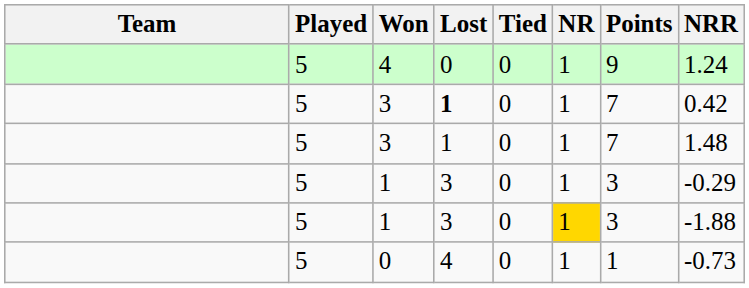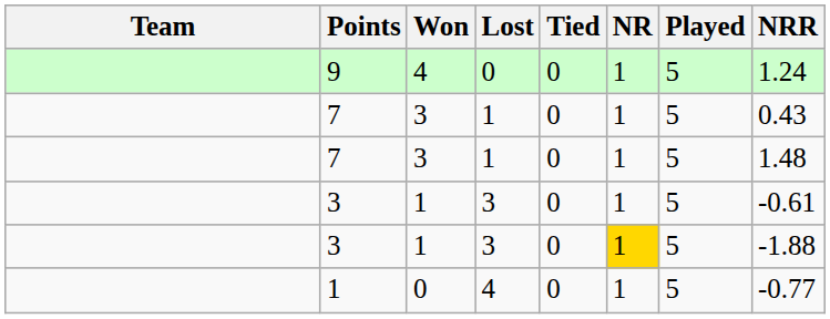 <table class="wikitable">
 <tr>
 <th width=175>Team</th>
-<th>Played</th>
+<th>Points</th>
 <th>Won</th>
 <th>Lost</th>
 <th>Tied</th>
 <th>NR</th>
-<th>Points</th>
+<th>Played</th>
 <th>NRR</th>
 </tr>
 <tr style="background:#ccffcc">
 <td></td>
-<td>5</td>
+<td>9</td>
 <td>4</td>
 <td>0</td>
 <td>0</td>
 <td>1</td>
-<td>9</td>
+<td>5</td>
 <td>1.24</td>
 </tr>
 <tr>
 <td></td>
-<td>5</td>
-<td>3</td>
-<td><strong>1</strong></td>
-<td>0</td>
-<td>1</td>
 <td>7</td>
-<td>0.42</td>
-</tr>
-<tr>
-<td></td>
-<td>5</td>
 <td>3</td>
 <td>1</td>
 <td>0</td>
 <td>1</td>
+<td>5</td>
+<td>0.43</td>
+</tr>
+<tr>
+<td></td>
 <td>7</td>
+<td>3</td>
+<td>1</td>
+<td>0</td>
+<td>1</td>
+<td>5</td>
 <td>1.48</td>
 </tr>
 <tr>
 <td></td>
-<td>5</td>
+<td>3</td>
 <td>1</td>
 <td>3</td>
 <td>0</td>
 <td>1</td>
-<td>3</td>
-<td>-0.29</td>
+<td>5</td>
+<td>-0.61</td>
 </tr>
 <tr>
 <td></td>
-<td>5</td>
+<td>3</td>
 <td>1</td>
 <td>3</td>
 <td>0</td>
 <td style="background: gold;">1</td>
-<td>3</td>
+<td>5</td>
 <td>-1.88</td>
 </tr>
 <tr>
 <td></td>
-<td>5</td>
+<td>1</td>
 <td>0</td>
 <td>4</td>
 <td>0</td>
 <td>1</td>
-<td>1</td>
-<td>-0.73</td>
+<td>5</td>
+<td>-0.77</td>
 </tr>
 </table>
